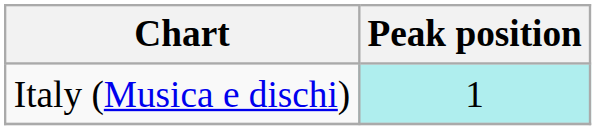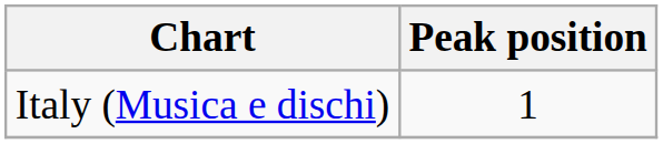 <table class="wikitable sortable">
 <tr>
 <th align="left">Chart</th>
 <th align="left">Peak position</th>
 </tr>
 <tr>
 <td align="left">Italy (<a href='#'>Musica e dischi</a>)</td>
-<td align="center" style="background: paleturquoise;">1</td>
+<td align="center">1</td>
 </tr>
 <tr>
 </tr>
 </table>
